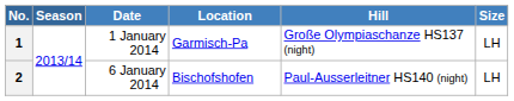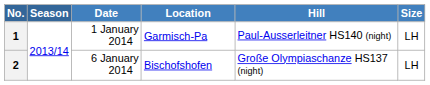 <table class="wikitable sortable" style="font-size:86%; line-height:15px; text-align:left; border:grey solid 1px; border-collapse:collapse; background:#ffffff;">
 <tr style="background:#efefef;">
 <th style="background-color:#369; color:white; width:10px;">No.</th>
 <th style="background-color:#369; color:white;  width:30px;">Season</th>
 <th style="background-color:#4180be; color:white; width:82px;">Date</th>
 <th style="background-color:#4180be; color:white; width:112px;">Location</th>
 <th style="background-color:#4180be; color:white; width:200px;">Hill</th>
 <th style="background-color:#4180be; color:white; width:25px;">Size</th>
 </tr>
 <tr>
 <th scope=row style="text-align:center;">1</th>
 <td align=center rowspan=2><a href='#'>2013/14</a></td>
 <td align=right>1 January 2014  </td>
 <td> <a href='#'>Garmisch-Pa</a></td>
-<td><a href='#'>Große Olympiaschanze</a> HS137 <small>(night)</small></td>
+<td><a href='#'>Paul-Ausserleitner</a> HS140 <small>(night)</small></td>
 <td align=center>LH</td>
 </tr>
 <tr>
 <th scope=row style="text-align:center;">2</th>
 <td align=right>6 January 2014  </td>
 <td> <a href='#'>Bischofshofen</a></td>
-<td><a href='#'>Paul-Ausserleitner</a> HS140 <small>(night)</small></td>
+<td><a href='#'>Große Olympiaschanze</a> HS137 <small>(night)</small></td>
 <td align=center>LH</td>
 </tr>
 </table>
